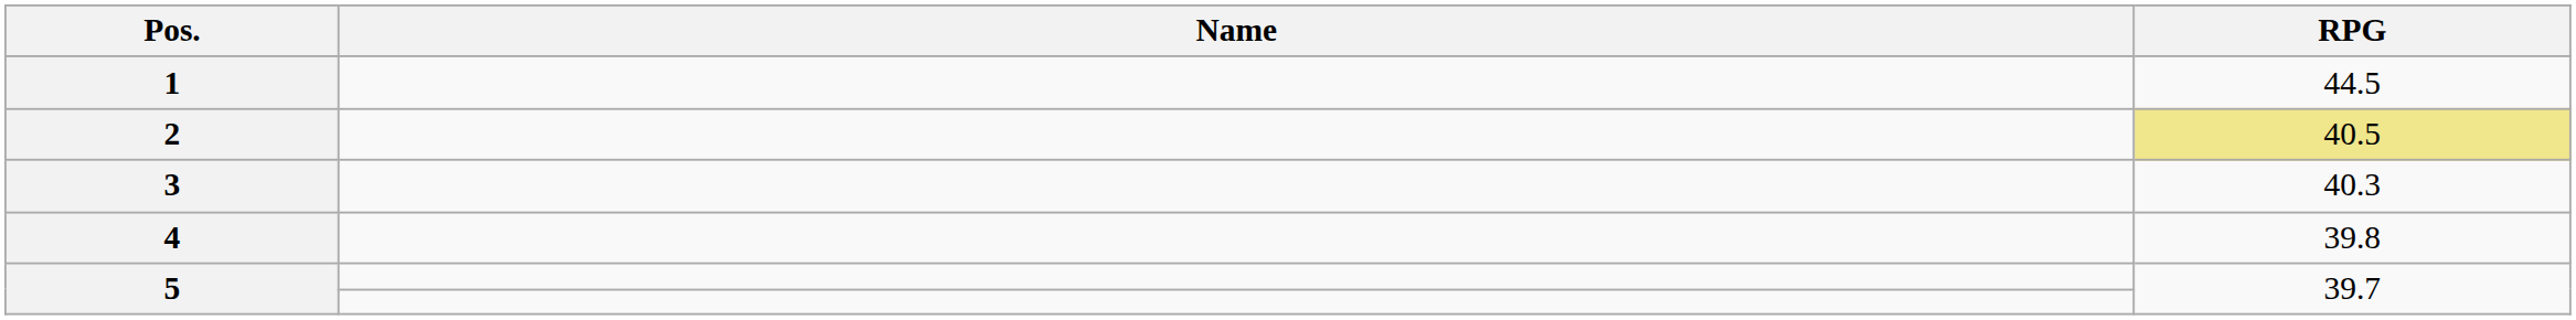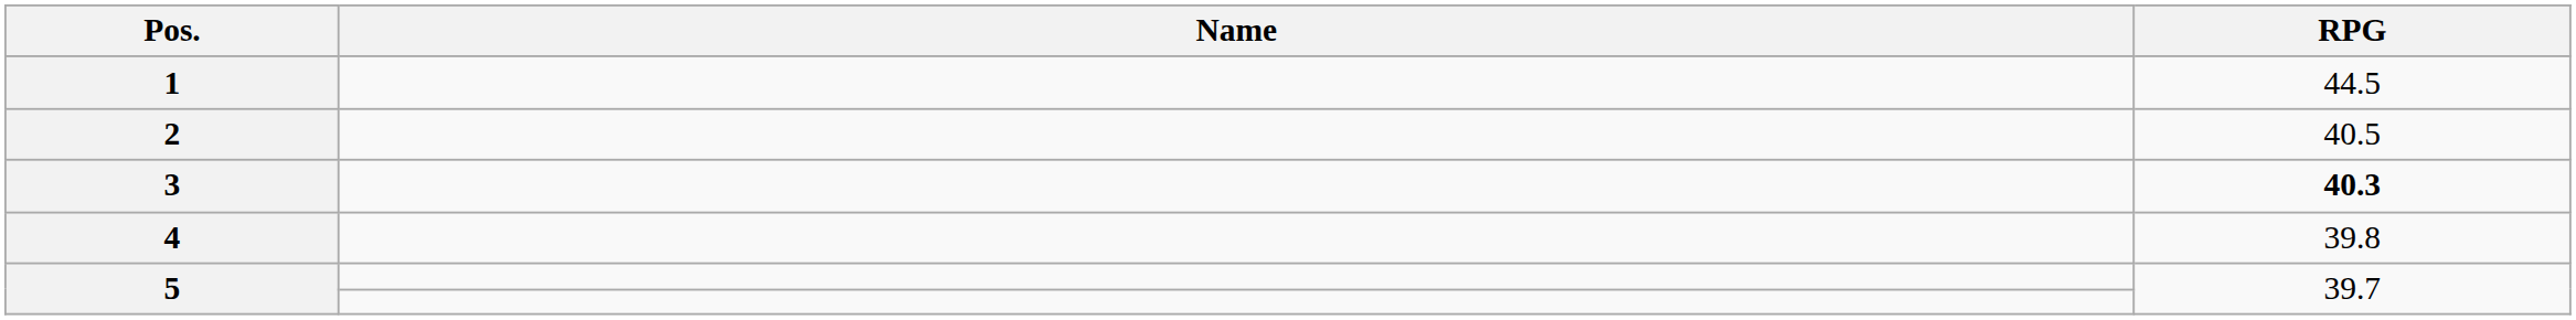 <table class=wikitable width=100% style="text-align:center;">
 <tr>
 <th width="13%">Pos.</th>
 <th width="70%">Name</th>
 <th width="17%">RPG</th>
 </tr>
 <tr>
 <th>1</th>
 <td align=left></td>
 <td>44.5</td>
 </tr>
 <tr>
 <th>2</th>
 <td align=left></td>
-<td style="background: khaki;">40.5</td>
+<td>40.5</td>
 </tr>
 <tr>
 <th>3</th>
 <td align=left></td>
-<td>40.3</td>
+<td><strong>40.3</strong></td>
 </tr>
 <tr>
 <th>4</th>
 <td align=left></td>
 <td>39.8</td>
 </tr>
 <tr>
 <th rowspan=2>5</th>
 <td align=left></td>
 <td rowspan=2>39.7</td>
 </tr>
 <tr>
 <td align=left></td>
 </tr>
 </table>
